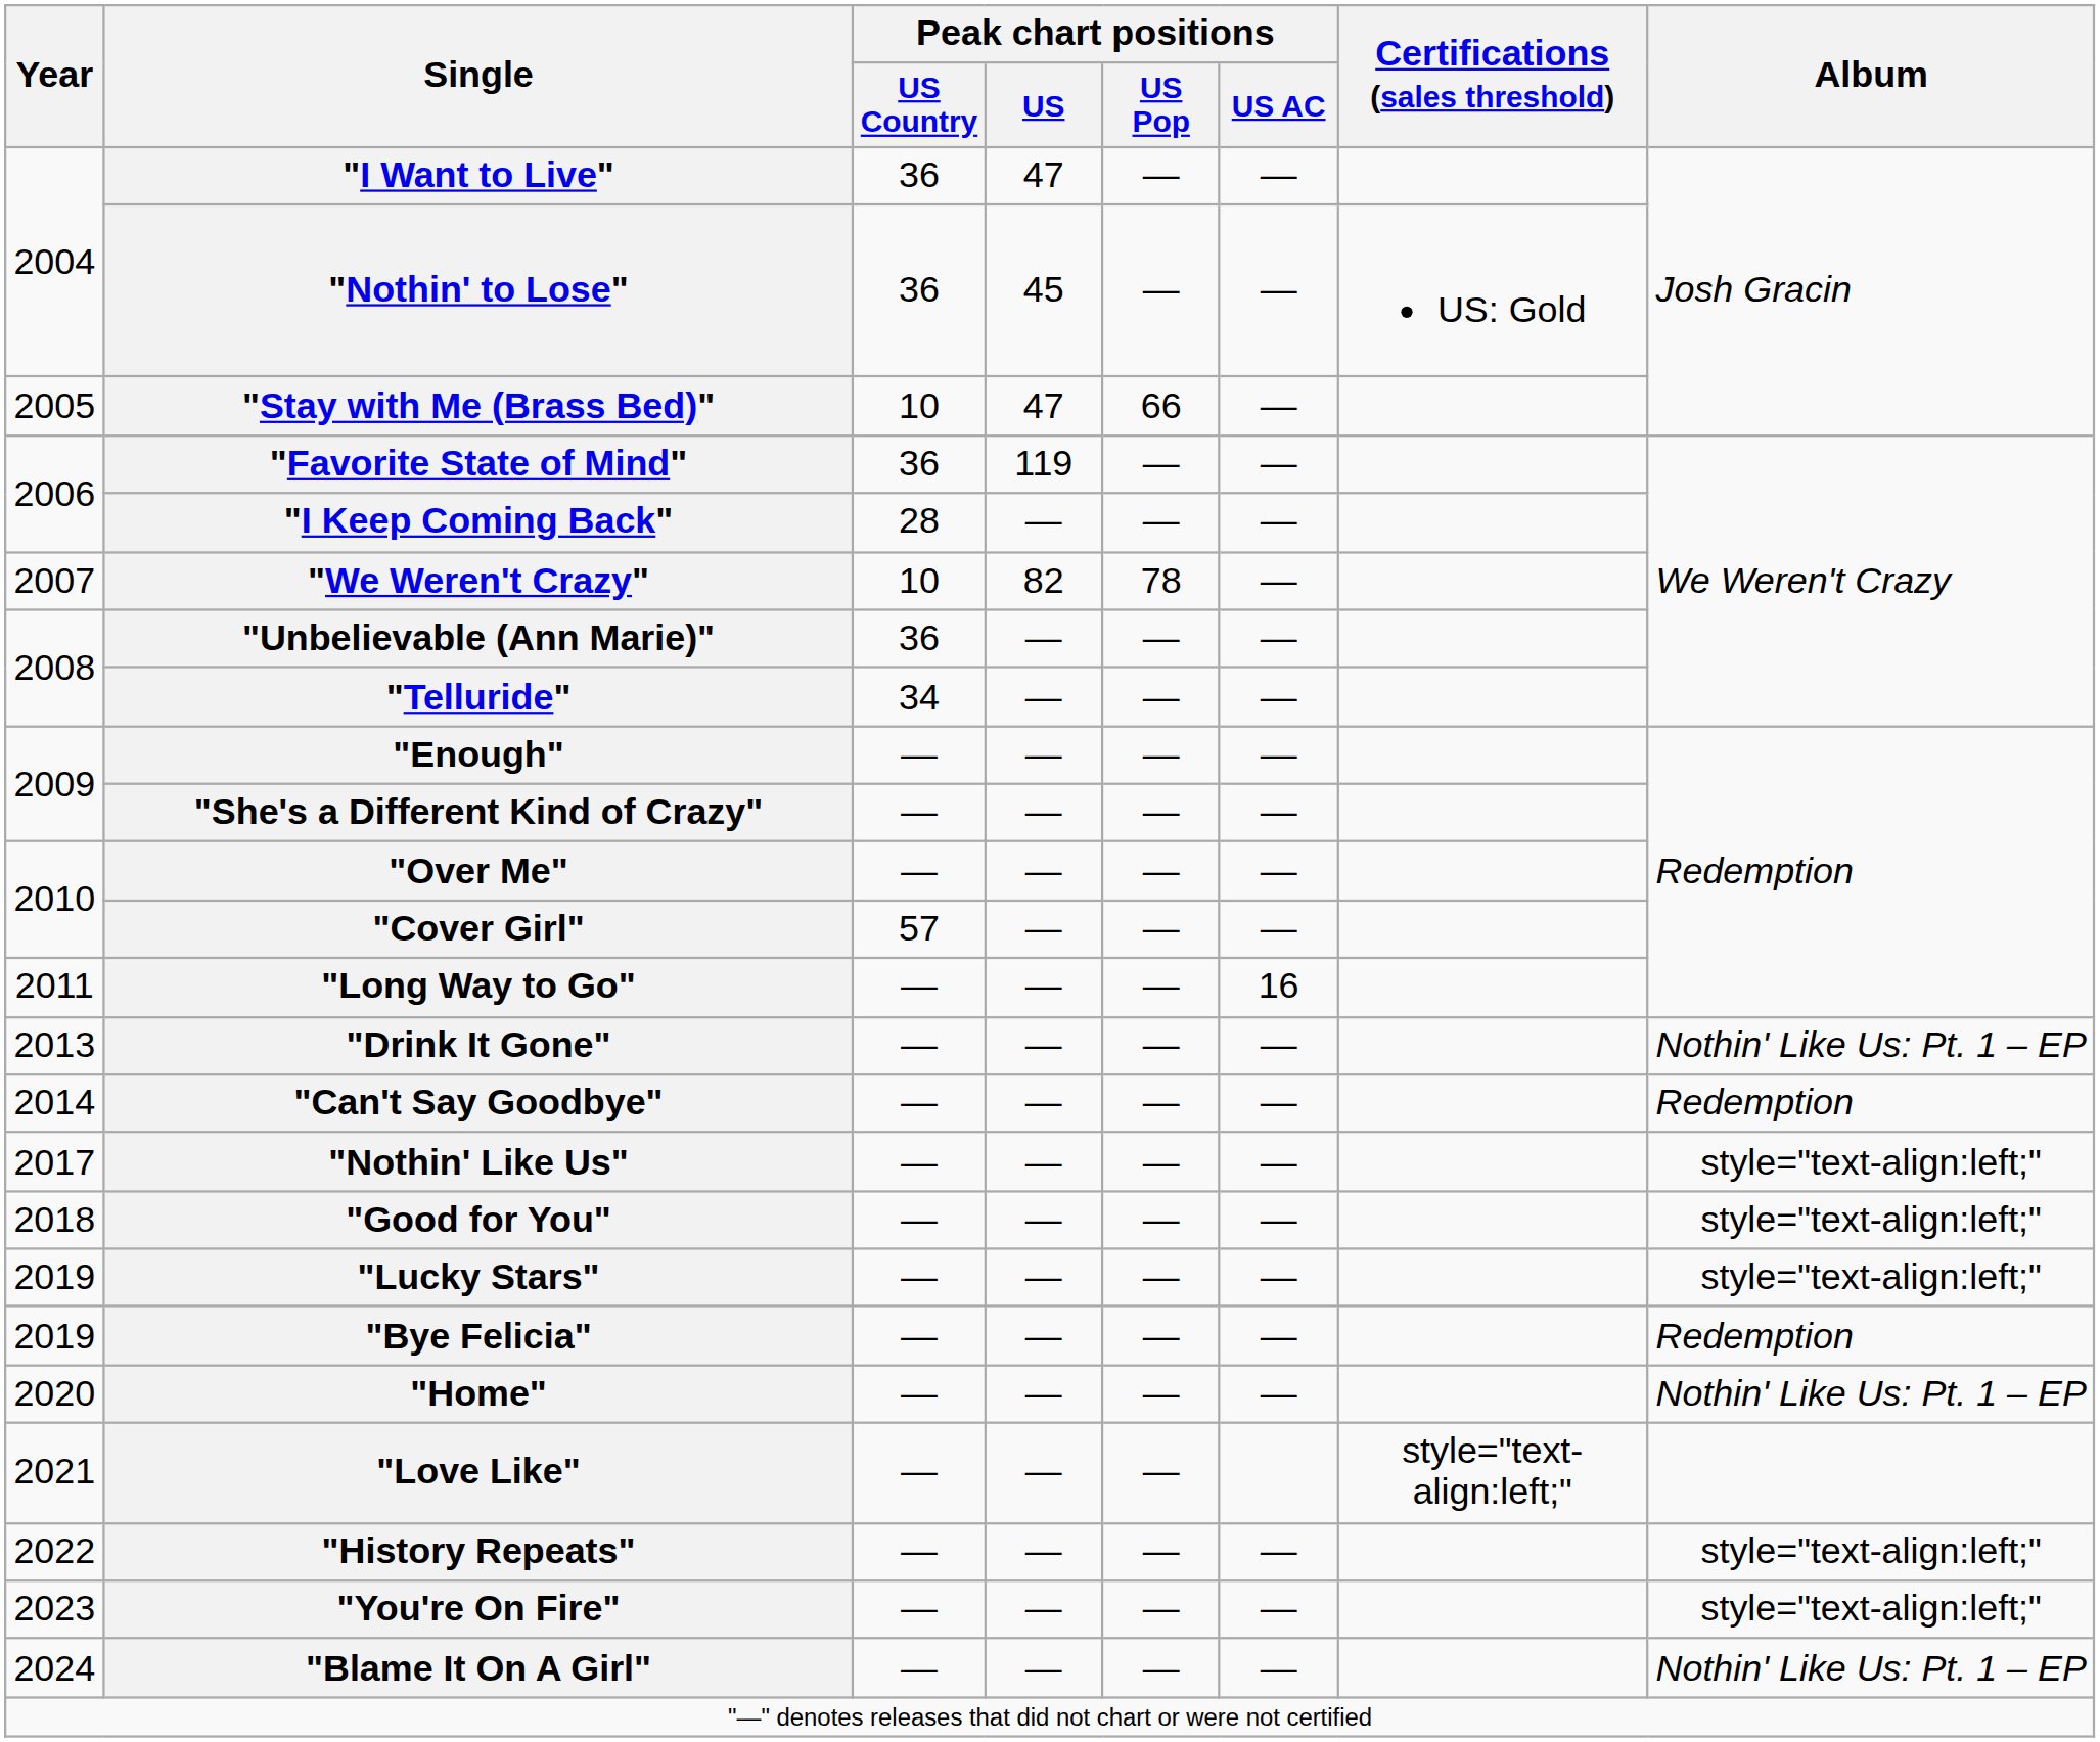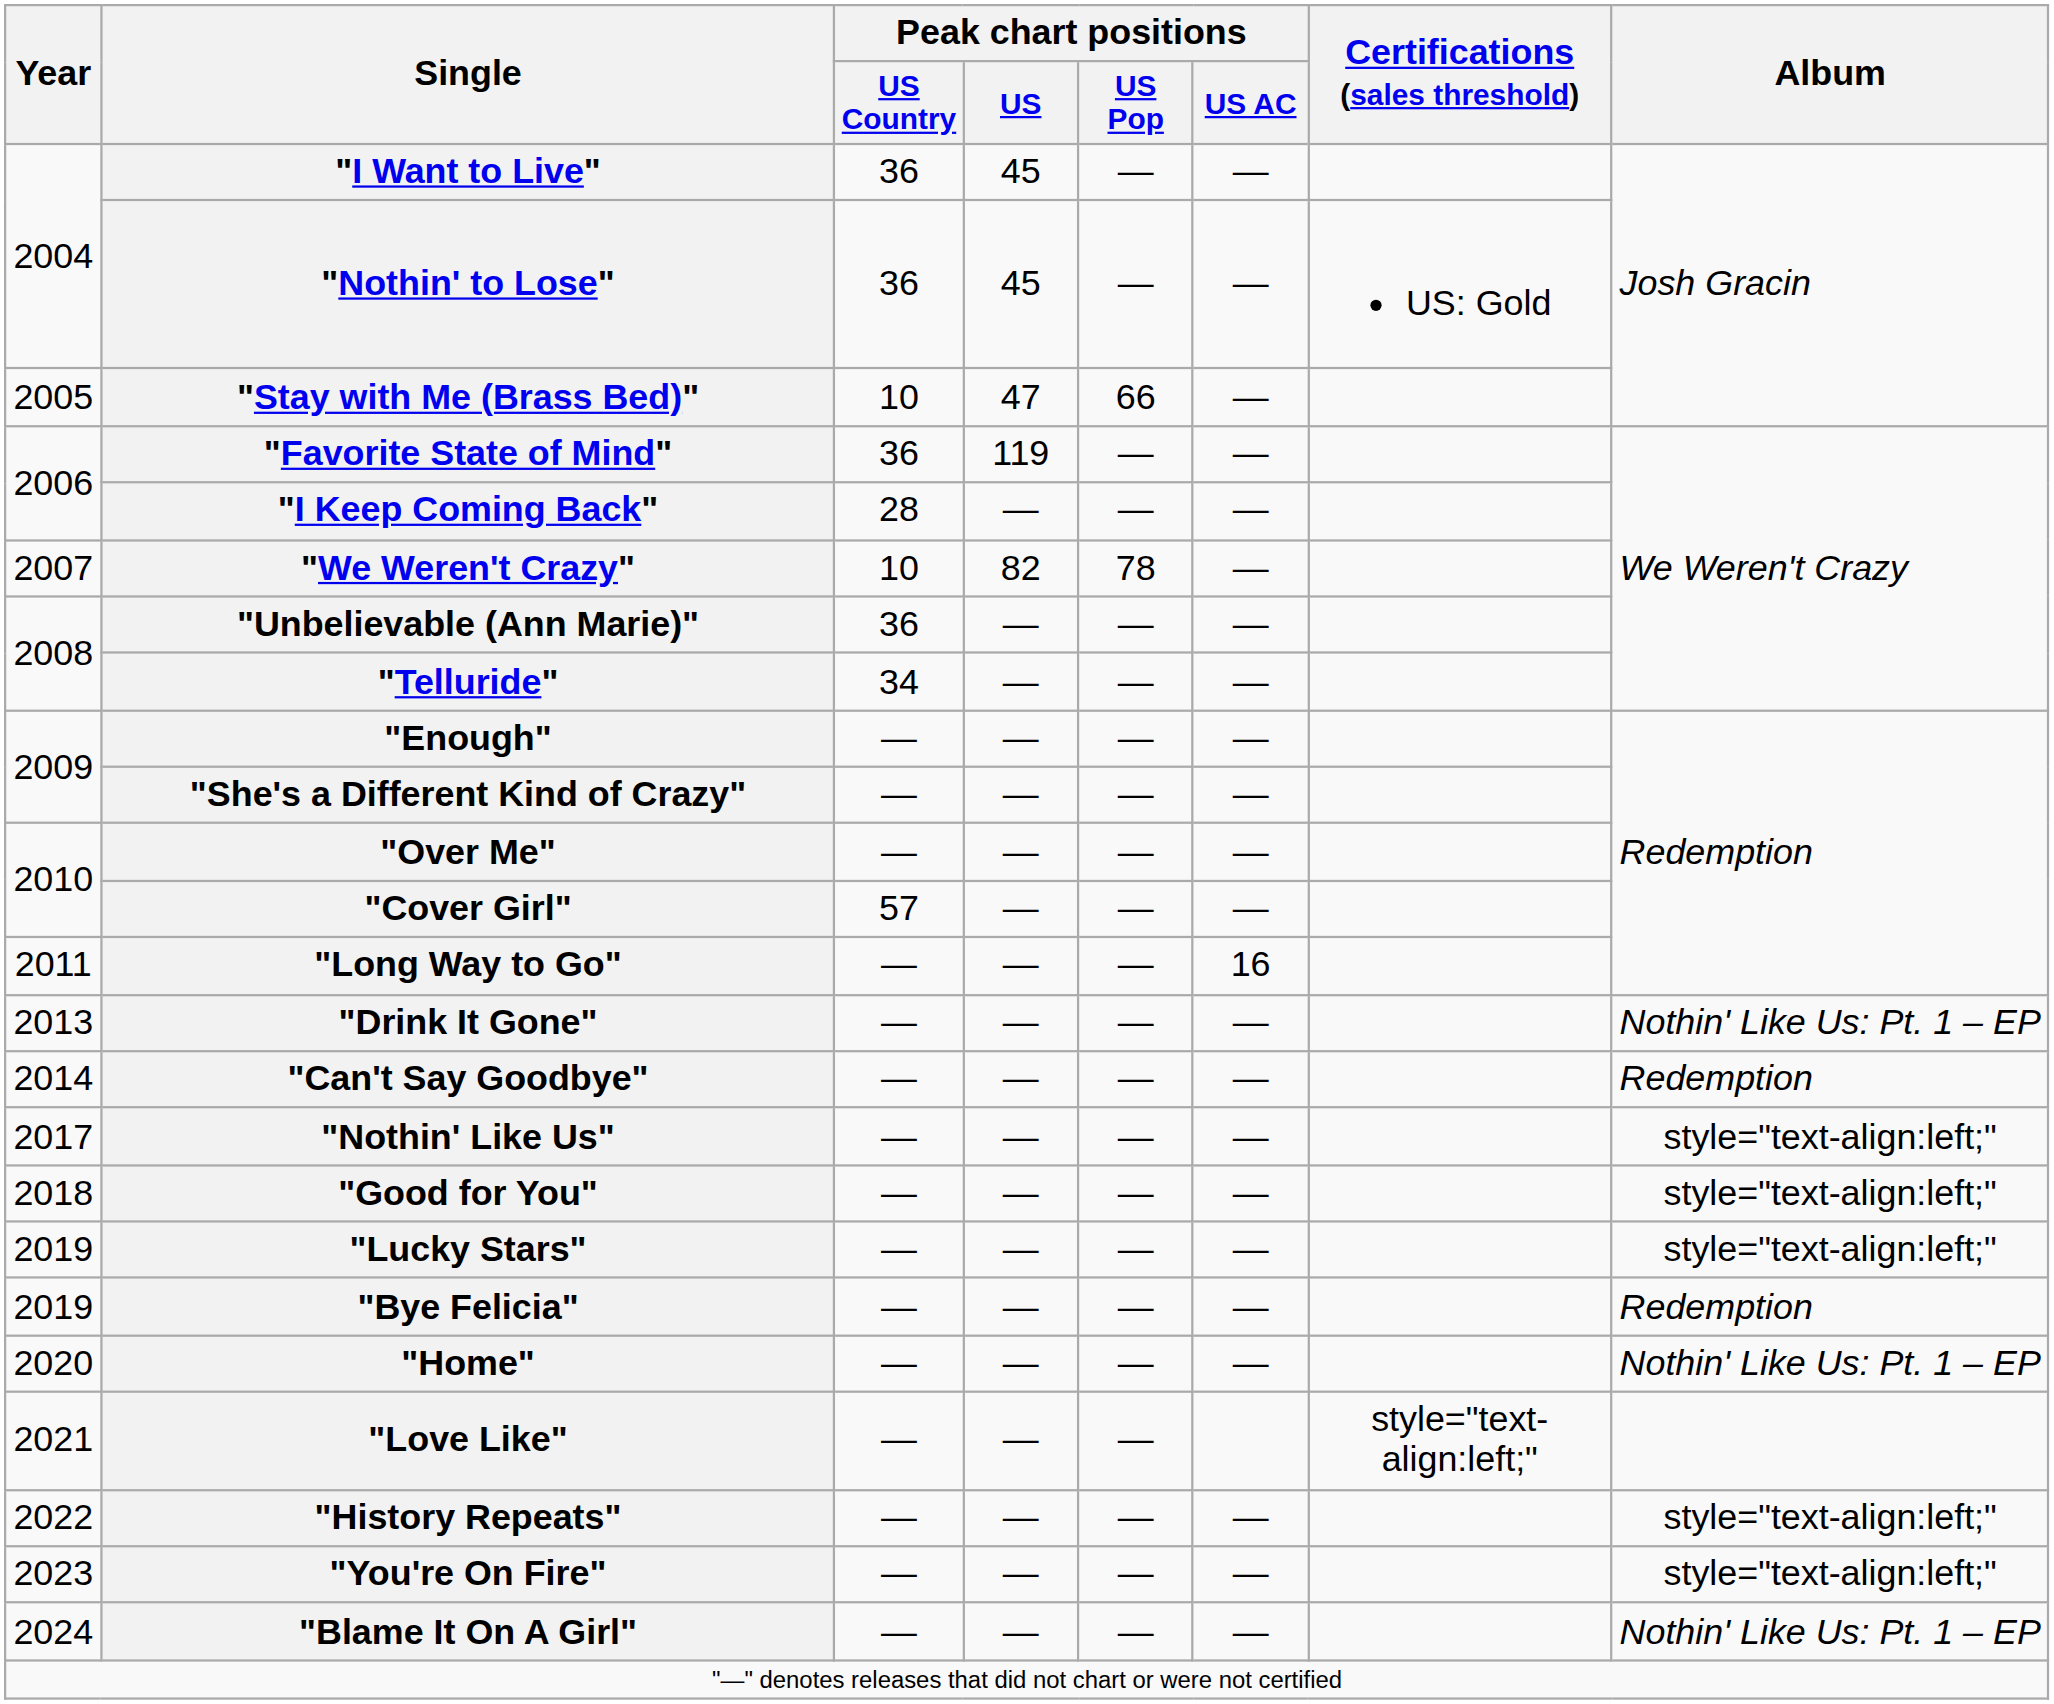 <table class="wikitable plainrowheaders" style="text-align:center;">
 <tr>
 <th rowspan="2">Year</th>
 <th rowspan="2" style="width:20em;">Single</th>
 <th colspan="4">Peak chart positions</th>
 <th rowspan="2" style="width:8em;"><a href='#'>Certifications</a><br><small>(<a href='#'>sales threshold</a>)</small></th>
 <th rowspan="2">Album</th>
 </tr>
 <tr style="font-size:smaller;">
 <th style="width:45px;"><a href='#'>US Country</a></th>
 <th style="width:45px;"><a href='#'>US</a></th>
 <th style="width:45px;"><a href='#'>US<br>Pop</a></th>
 <th style="width:45px;"><a href='#'>US AC</a></th>
 </tr>
 <tr>
 <td rowspan="2">2004</td>
 <th scope="row">"<a href='#'>I Want to Live</a>"</th>
 <td>36</td>
-<td>47</td>
+<td>45</td>
 <td>—</td>
 <td>—</td>
 <td></td>
 <td style="text-align:left;" rowspan="3"><em>Josh Gracin</em></td>
 </tr>
 <tr>
 <th scope="row">"<a href='#'>Nothin' to Lose</a>"</th>
 <td>36</td>
 <td>45</td>
 <td>—</td>
 <td>—</td>
 <td align="left"><br><ul><li>US: Gold</li></ul></td>
 </tr>
 <tr>
 <td>2005</td>
 <th scope="row">"<a href='#'>Stay with Me (Brass Bed)</a>"</th>
 <td>10</td>
 <td>47</td>
 <td>66</td>
 <td>—</td>
 <td></td>
 </tr>
 <tr>
 <td rowspan="2">2006</td>
 <th scope="row">"<a href='#'>Favorite State of Mind</a>"</th>
 <td>36</td>
 <td>119</td>
 <td>—</td>
 <td>—</td>
 <td></td>
 <td style="text-align:left;" rowspan="5"><em>We Weren't Crazy</em></td>
 </tr>
 <tr>
 <th scope="row">"<a href='#'>I Keep Coming Back</a>"</th>
 <td>28</td>
 <td>—</td>
 <td>—</td>
 <td>—</td>
 <td></td>
 </tr>
 <tr>
 <td>2007</td>
 <th scope="row">"<a href='#'>We Weren't Crazy</a>"</th>
 <td>10</td>
 <td>82</td>
 <td>78</td>
 <td>—</td>
 <td></td>
 </tr>
 <tr>
 <td rowspan="2">2008</td>
 <th scope="row">"Unbelievable (Ann Marie)"</th>
 <td>36</td>
 <td>—</td>
 <td>—</td>
 <td>—</td>
 <td></td>
 </tr>
 <tr>
 <th scope="row">"<a href='#'>Telluride</a>"</th>
 <td>34</td>
 <td>—</td>
 <td>—</td>
 <td>—</td>
 <td></td>
 </tr>
 <tr>
 <td rowspan="2">2009</td>
 <th scope="row">"Enough"</th>
 <td>—</td>
 <td>—</td>
 <td>—</td>
 <td>—</td>
 <td></td>
 <td style="text-align:left;" rowspan="5"><em>Redemption</em></td>
 </tr>
 <tr>
 <th scope="row">"She's a Different Kind of Crazy"</th>
 <td>—</td>
 <td>—</td>
 <td>—</td>
 <td>—</td>
 <td></td>
 </tr>
 <tr>
 <td rowspan="2">2010</td>
 <th scope="row">"Over Me"</th>
 <td>—</td>
 <td>—</td>
 <td>—</td>
 <td>—</td>
 <td></td>
 </tr>
 <tr>
 <th scope="row">"Cover Girl"</th>
 <td>57</td>
 <td>—</td>
 <td>—</td>
 <td>—</td>
 <td></td>
 </tr>
 <tr>
 <td>2011</td>
 <th scope="row">"Long Way to Go"</th>
 <td>—</td>
 <td>—</td>
 <td>—</td>
 <td>16</td>
 <td></td>
 </tr>
 <tr>
 <td>2013</td>
 <th scope="row">"Drink It Gone"</th>
 <td>—</td>
 <td>—</td>
 <td>—</td>
 <td>—</td>
 <td></td>
 <td style="text-align:left;" rowspan=><em>Nothin' Like Us: Pt. 1 – EP</em></td>
 </tr>
 <tr>
 <td>2014</td>
 <th scope="row">"Can't Say Goodbye"</th>
 <td>—</td>
 <td>—</td>
 <td>—</td>
 <td>—</td>
 <td></td>
 <td style="text-align:left;" rowspan=><em>Redemption</em></td>
 </tr>
 <tr>
 <td>2017</td>
 <th scope="row">"Nothin' Like Us"</th>
 <td>—</td>
 <td>—</td>
 <td>—</td>
 <td>—</td>
 <td></td>
 <td>style="text-align:left;" </td>
 </tr>
 <tr>
 <td>2018</td>
 <th scope="row">"Good for You"</th>
 <td>—</td>
 <td>—</td>
 <td>—</td>
 <td>—</td>
 <td></td>
 <td>style="text-align:left;" </td>
 </tr>
 <tr>
 <td>2019</td>
 <th scope="row">"Lucky Stars"</th>
 <td>—</td>
 <td>—</td>
 <td>—</td>
 <td>—</td>
 <td></td>
 <td>style="text-align:left;" </td>
 </tr>
 <tr>
 <td>2019</td>
 <th scope="row">"Bye Felicia"</th>
 <td>—</td>
 <td>—</td>
 <td>—</td>
 <td>—</td>
 <td></td>
 <td style="text-align:left;" rowspan=><em>Redemption</em></td>
 </tr>
 <tr>
 <td>2020</td>
 <th scope="row">"Home"</th>
 <td>—</td>
 <td>—</td>
 <td>—</td>
 <td>—</td>
 <td></td>
 <td style="text-align:left;" rowspan=><em>Nothin' Like Us: Pt. 1 – EP</em></td>
 </tr>
 <tr>
 <td>2021</td>
 <th scope="row">"Love Like"</th>
 <td>—</td>
 <td>—</td>
 <td>—</td>
 <td></td>
 <td>style="text-align:left;" </td>
 </tr>
 <tr>
 <td>2022</td>
 <th scope="row">"History Repeats"</th>
 <td>—</td>
 <td>—</td>
 <td>—</td>
 <td>—</td>
 <td></td>
 <td>style="text-align:left;" </td>
 </tr>
 <tr>
 <td>2023</td>
 <th scope="row">"You're On Fire"</th>
 <td>—</td>
 <td>—</td>
 <td>—</td>
 <td>—</td>
 <td></td>
 <td>style="text-align:left;" </td>
 </tr>
 <tr>
 <td>2024</td>
 <th scope="row">"Blame It On A Girl"</th>
 <td>—</td>
 <td>—</td>
 <td>—</td>
 <td>—</td>
 <td></td>
 <td style="text-align:left;" rowspan=><em>Nothin' Like Us: Pt. 1 – EP</em></td>
 </tr>
 <tr>
 <td colspan="10" style="font-size:8pt">"—" denotes releases that did not chart or were not certified</td>
 </tr>
 </table>
